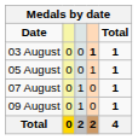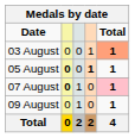 <table class="wikitable" style="font-size:85%">
 <tr bgcolor="#efefef">
 <th colspan=6>Medals by date</th>
 </tr>
 <tr align=center>
 <td><strong>Date</strong></td>
 <td bgcolor=#f7f6a8></td>
 <td bgcolor=#dce5e5></td>
 <td bgcolor=#ffdab9></td>
 <td><strong>Total</strong></td>
 </tr>
 <tr align=center>
 <td>03 August</td>
 <td style="background:#F7F6A8;">0</td>
 <td style="background:#DCE5E5;">0</td>
+<td style="background:#FFDAB9;">1</td>
+<td style="background: lightsalmon;"><strong>1</strong></td>
+</tr>
+<tr align=center>
+<td>05 August</td>
+<td style="background:#F7F6A8;"><strong>0</strong></td>
+<td style="background:#DCE5E5;">0</td>
 <td style="background:#FFDAB9;"><strong>1</strong></td>
 <td><strong>1</strong></td>
 </tr>
 <tr align=center>
-<td>05 August</td>
-<td style="background:#F7F6A8;">0</td>
-<td style="background:#DCE5E5;">0</td>
-<td style="background:#FFDAB9;">1</td>
-<td><strong>1</strong></td>
-</tr>
-<tr align=center>
 <td>07 August</td>
-<td style="background:#F7F6A8;">0</td>
+<td style="background:#F7F6A8;"><strong>0</strong></td>
 <td style="background:#DCE5E5;">1</td>
 <td style="background:#FFDAB9;">0</td>
-<td><strong>1</strong></td>
+<td style="background: pink;"><strong>1</strong></td>
 </tr>
 <tr align=center>
 <td>09 August</td>
 <td style="background:#F7F6A8;">0</td>
 <td style="background:#DCE5E5;">1</td>
 <td style="background:#FFDAB9;">0</td>
 <td><strong>1</strong></td>
 </tr>
 <tr align=center>
 <th><strong>Total</strong></th>
 <th style="background:gold;"><strong>0</strong></th>
 <th style="background:silver;"><strong>2</strong></th>
 <th style="background:#c96;"><strong>2</strong></th>
 <th>4</th>
 </tr>
 </table>
